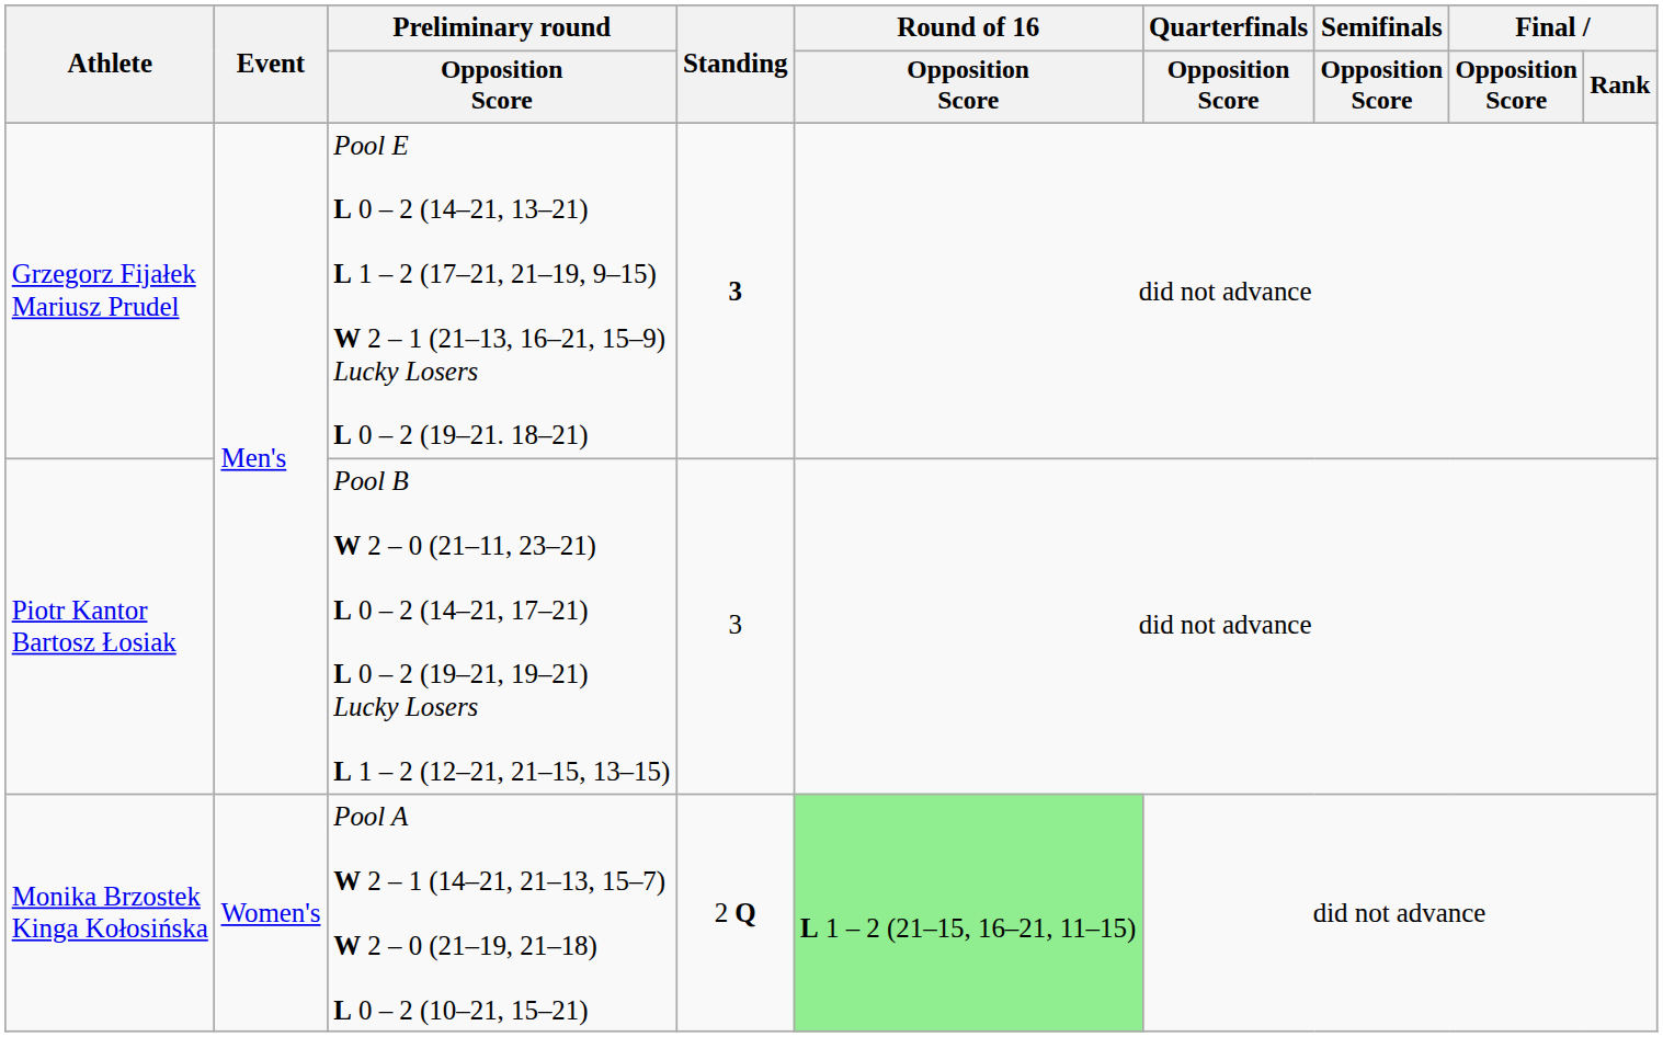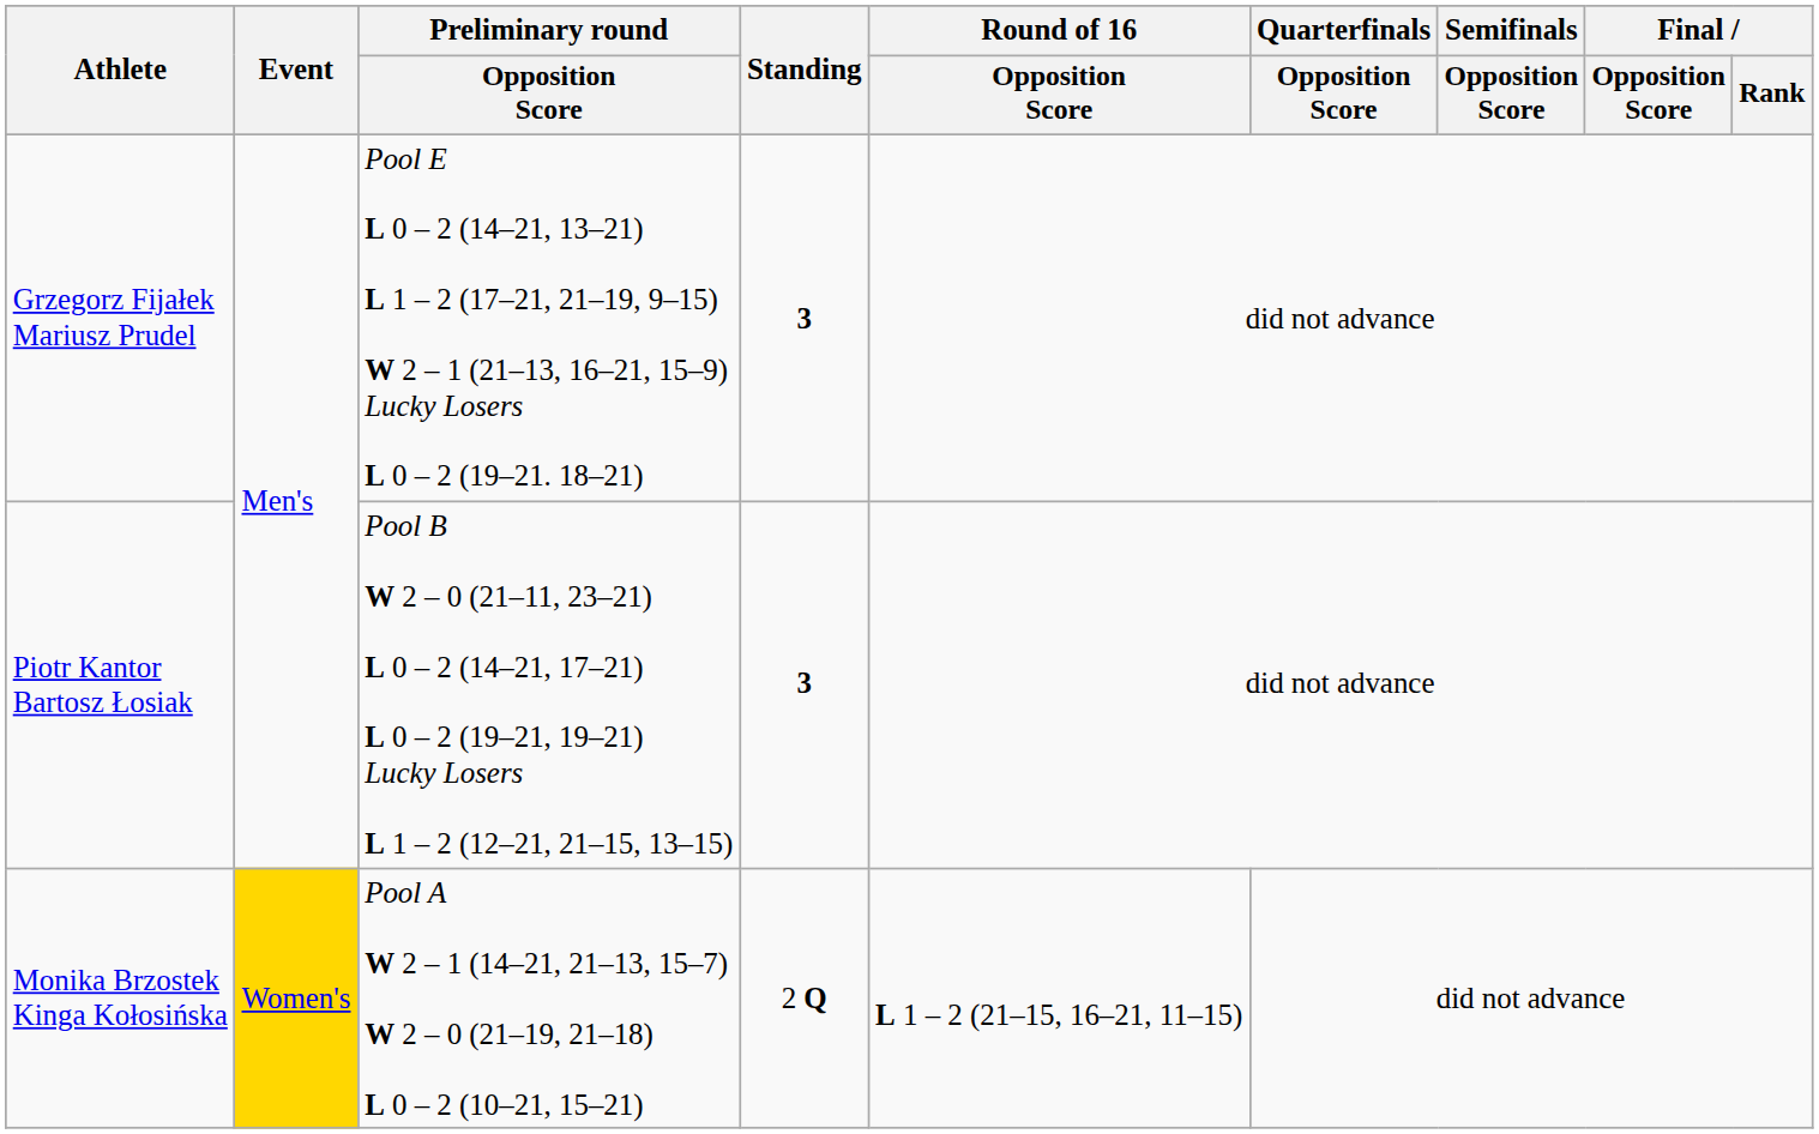 <table class=wikitable style="font-size:90%">
 <tr>
 <th rowspan="2">Athlete</th>
 <th rowspan="2">Event</th>
 <th>Preliminary round</th>
 <th rowspan="2">Standing</th>
 <th>Round of 16</th>
 <th>Quarterfinals</th>
 <th>Semifinals</th>
 <th colspan=2>Final / </th>
 </tr>
 <tr style="font-size:95%">
 <th>Opposition<br>Score</th>
 <th>Opposition<br>Score</th>
 <th>Opposition<br>Score</th>
 <th>Opposition<br>Score</th>
 <th>Opposition<br>Score</th>
 <th>Rank</th>
 </tr>
 <tr align=center>
 <td align=left><a href='#'>Grzegorz Fijałek</a><br><a href='#'>Mariusz Prudel</a></td>
 <td align=left rowspan=2><a href='#'>Men's</a></td>
 <td align=left><em>Pool E</em><br><br><strong>L</strong> 0 – 2 (14–21, 13–21)<br><br><strong>L</strong> 1 – 2 (17–21, 21–19, 9–15)<br><br><strong>W</strong> 2 – 1 (21–13, 16–21, 15–9)<br><em>Lucky Losers</em><br><br><strong>L</strong> 0 – 2 (19–21. 18–21)</td>
 <td><strong>3</strong></td>
 <td colspan=5>did not advance</td>
 </tr>
 <tr align=center>
 <td align=left><a href='#'>Piotr Kantor</a><br><a href='#'>Bartosz Łosiak</a></td>
 <td align=left><em>Pool B</em><br><br><strong>W</strong> 2 – 0 (21–11, 23–21)<br><br><strong>L</strong> 0 – 2 (14–21, 17–21)<br><br><strong>L</strong> 0 – 2 (19–21, 19–21)<br><em>Lucky Losers</em><br><br><strong>L</strong> 1 – 2 (12–21, 21–15, 13–15)</td>
-<td>3</td>
+<td><strong>3</strong></td>
 <td colspan=5>did not advance</td>
 </tr>
 <tr align=center>
 <td align=left><a href='#'>Monika Brzostek</a><br><a href='#'>Kinga Kołosińska</a></td>
-<td align=left><a href='#'>Women's</a></td>
+<td align=left style="background: gold;"><a href='#'>Women's</a></td>
 <td align=left><em>Pool A</em><br><br><strong>W</strong> 2 – 1 (14–21, 21–13, 15–7)<br><br><strong>W</strong> 2 – 0 (21–19, 21–18)<br><br><strong>L</strong> 0 – 2 (10–21, 15–21)</td>
 <td>2 <strong>Q</strong></td>
-<td style="background: lightgreen;"><br><strong>L</strong> 1 – 2 (21–15, 16–21, 11–15)</td>
+<td><br><strong>L</strong> 1 – 2 (21–15, 16–21, 11–15)</td>
 <td colspan=4>did not advance</td>
 </tr>
 </table>
